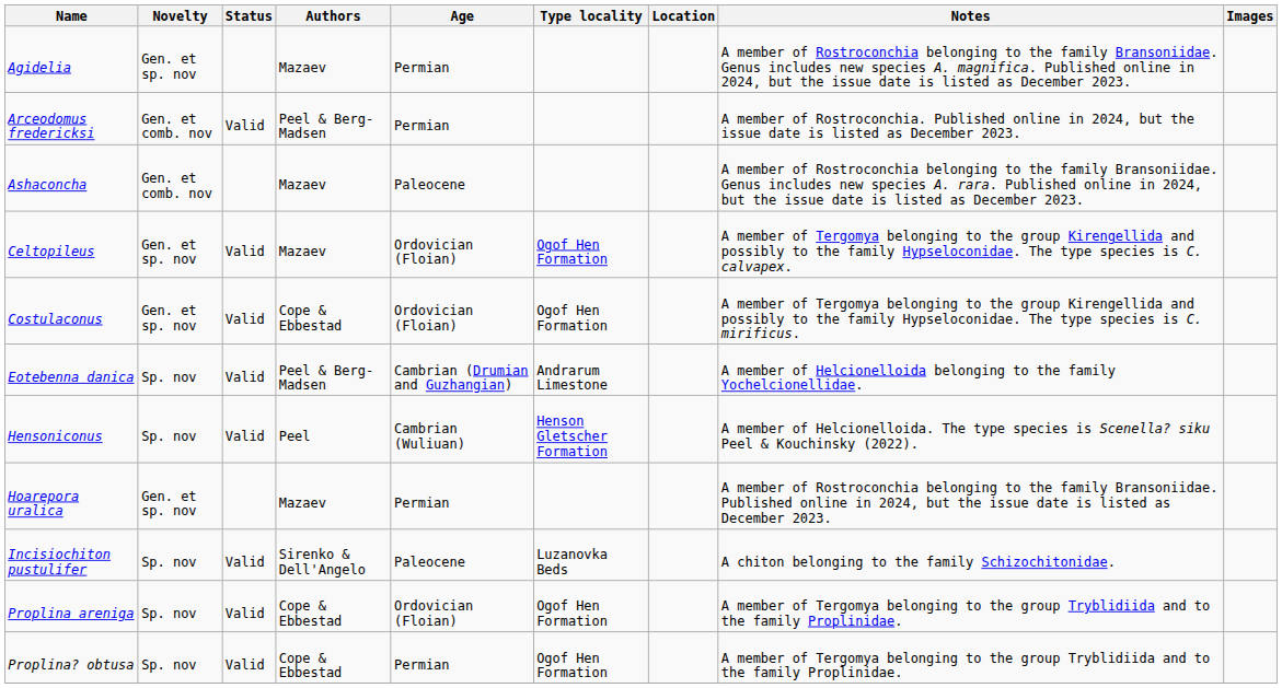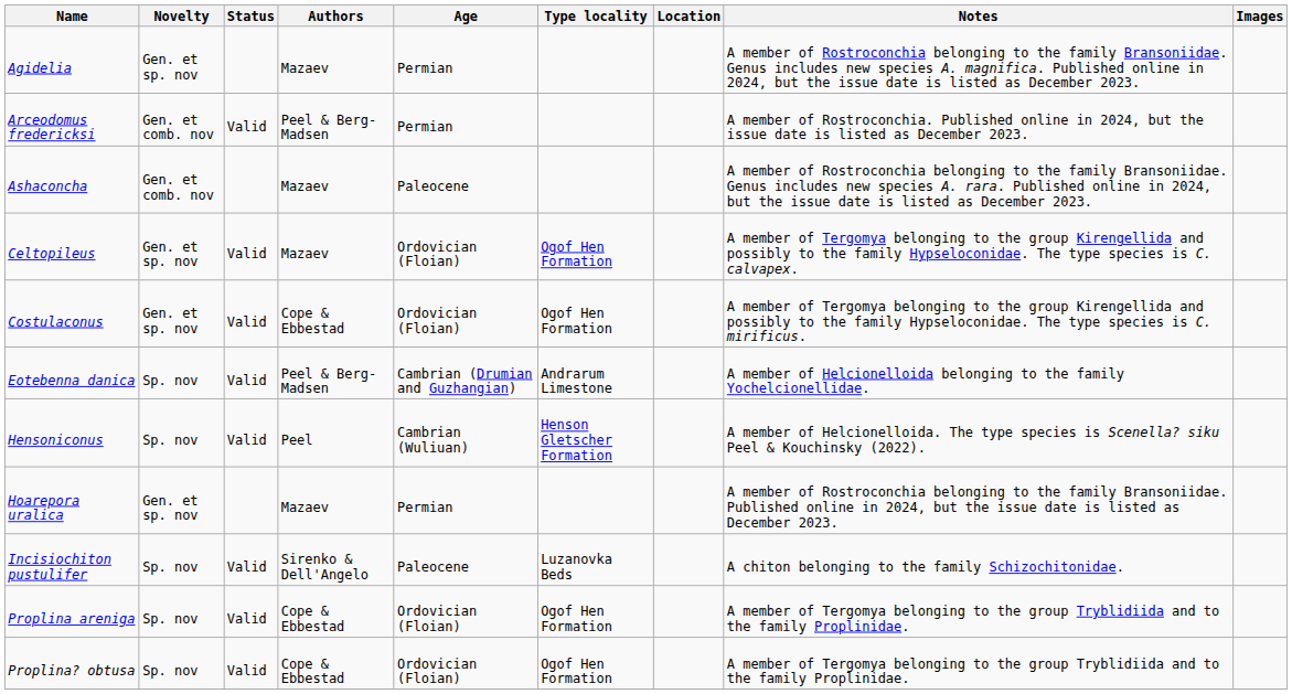 <table class="wikitable sortable" align="center" width="100%">
 <tr>
 <th>Name</th>
 <th>Novelty</th>
 <th>Status</th>
 <th>Authors</th>
 <th>Age</th>
 <th>Type locality</th>
 <th>Location</th>
 <th>Notes</th>
 <th>Images</th>
 </tr>
 <tr>
 <td><br><em><a href='#'>Agidelia</a></em></td>
 <td><br>Gen. et sp. nov</td>
 <td></td>
 <td><br>Mazaev</td>
 <td><br>Permian</td>
 <td></td>
 <td><br></td>
 <td><br>A member of <a href='#'>Rostroconchia</a> belonging to the family <a href='#'>Bransoniidae</a>. Genus includes new species <em>A. magnifica</em>. Published online in 2024, but the issue date is listed as December 2023.</td>
 <td></td>
 </tr>
 <tr>
 <td><br><em><a href='#'>Arceodomus fredericksi</a></em></td>
 <td><br>Gen. et comb. nov</td>
 <td><br>Valid</td>
 <td><br>Peel & Berg-Madsen</td>
 <td><br>Permian</td>
 <td></td>
 <td><br></td>
 <td><br>A member of Rostroconchia. Published online in 2024, but the issue date is listed as December 2023.</td>
 <td></td>
 </tr>
 <tr>
 <td><br><em><a href='#'>Ashaconcha</a></em></td>
 <td><br>Gen. et comb. nov</td>
 <td></td>
 <td><br>Mazaev</td>
 <td><br>Paleocene</td>
 <td></td>
 <td><br></td>
 <td><br>A member of Rostroconchia belonging to the family Bransoniidae. Genus includes new species <em>A. rara</em>. Published online in 2024, but the issue date is listed as December 2023.</td>
 <td></td>
 </tr>
 <tr>
 <td><br><em><a href='#'>Celtopileus</a></em></td>
 <td><br>Gen. et sp. nov</td>
 <td><br>Valid</td>
 <td><br>Mazaev</td>
 <td><br>Ordovician (Floian)</td>
 <td><br><a href='#'>Ogof Hen Formation</a></td>
 <td><br></td>
 <td><br>A member of <a href='#'>Tergomya</a> belonging to the group <a href='#'>Kirengellida</a> and possibly to the family <a href='#'>Hypseloconidae</a>. The type species is <em>C. calvapex</em>.</td>
 <td></td>
 </tr>
 <tr>
 <td><br><em><a href='#'>Costulaconus</a></em></td>
 <td><br>Gen. et sp. nov</td>
 <td><br>Valid</td>
 <td><br>Cope & Ebbestad</td>
 <td><br>Ordovician (Floian)</td>
 <td><br>Ogof Hen Formation</td>
 <td><br></td>
 <td><br>A member of Tergomya belonging to the group Kirengellida and possibly to the family Hypseloconidae. The type species is <em>C. mirificus</em>.</td>
 <td></td>
 </tr>
 <tr>
 <td><br><em><a href='#'>Eotebenna danica</a></em></td>
 <td><br>Sp. nov</td>
 <td><br>Valid</td>
 <td><br>Peel & Berg-Madsen</td>
 <td><br>Cambrian (<a href='#'>Drumian</a> and <a href='#'>Guzhangian</a>)</td>
 <td><br>Andrarum Limestone</td>
 <td><br><br> </td>
 <td><br>A member of <a href='#'>Helcionelloida</a> belonging to the family <a href='#'>Yochelcionellidae</a>.</td>
 <td></td>
 </tr>
 <tr>
 <td><br><em><a href='#'>Hensoniconus</a></em></td>
 <td><br>Sp. nov</td>
 <td><br>Valid</td>
 <td><br>Peel</td>
 <td><br>Cambrian (Wuliuan)</td>
 <td><br><a href='#'>Henson Gletscher Formation</a></td>
 <td><br></td>
 <td><br>A member of Helcionelloida. The type species is <em>Scenella? siku</em> Peel & Kouchinsky (2022).</td>
 <td></td>
 </tr>
 <tr>
 <td><br><em><a href='#'>Hoarepora uralica</a></em></td>
 <td><br>Gen. et sp. nov</td>
 <td></td>
 <td><br>Mazaev</td>
 <td><br>Permian</td>
 <td></td>
 <td><br></td>
 <td><br>A member of Rostroconchia belonging to the family Bransoniidae. Published online in 2024, but the issue date is listed as December 2023.</td>
 <td></td>
 </tr>
 <tr>
 <td><br><em><a href='#'>Incisiochiton pustulifer</a></em></td>
 <td><br>Sp. nov</td>
 <td><br>Valid</td>
 <td><br>Sirenko & Dell'Angelo</td>
 <td><br>Paleocene</td>
 <td><br>Luzanovka Beds</td>
 <td><br></td>
 <td><br>A chiton belonging to the family <a href='#'>Schizochitonidae</a>.</td>
 <td></td>
 </tr>
 <tr>
 <td><br><em><a href='#'>Proplina areniga</a></em></td>
 <td><br>Sp. nov</td>
 <td><br>Valid</td>
 <td><br>Cope & Ebbestad</td>
 <td><br>Ordovician (Floian)</td>
 <td><br>Ogof Hen Formation</td>
 <td><br></td>
 <td><br>A member of Tergomya belonging to the group <a href='#'>Tryblidiida</a> and to the family <a href='#'>Proplinidae</a>.</td>
 <td></td>
 </tr>
 <tr>
 <td><br><em>Proplina? obtusa</em></td>
 <td><br>Sp. nov</td>
 <td><br>Valid</td>
 <td><br>Cope & Ebbestad</td>
-<td><br>Permian</td>
+<td><br>Ordovician (Floian)</td>
 <td><br>Ogof Hen Formation</td>
 <td><br></td>
 <td><br>A member of Tergomya belonging to the group Tryblidiida and to the family Proplinidae.</td>
 <td></td>
 </tr>
 <tr>
 </tr>
 </table>
